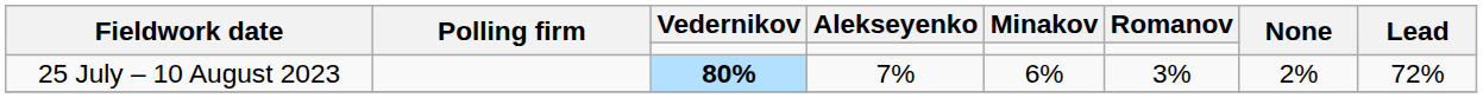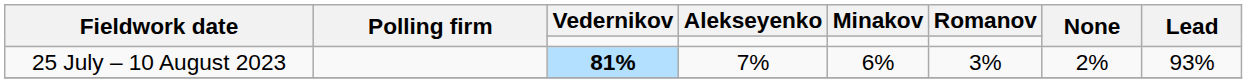 <table class=wikitable style="font-size:95%; line-height:14px; text-align:center">
 <tr>
 <th style=width:200px; rowspan=2>Fieldwork date</th>
 <th style=width:150px; rowspan=2>Polling firm</th>
 <th style="width:60px;">Vedernikov</th>
 <th style="width:60px;">Alekseyenko</th>
 <th style="width:60px;">Minakov</th>
 <th style="width:60px;">Romanov</th>
 <th style="width:60px;" rowspan=2>None</th>
 <th style="width:60px;" rowspan="2">Lead</th>
 </tr>
 <tr>
 <td bgcolor=></td>
 <td bgcolor=></td>
 <td bgcolor=></td>
 <td bgcolor=></td>
 </tr>
 <tr>
 <td>25 July – 10 August 2023</td>
 <td></td>
-<td style="background:#B3E0FF"><strong>80%</strong></td>
+<td style="background:#B3E0FF"><strong>81%</strong></td>
 <td>7%</td>
 <td>6%</td>
 <td>3%</td>
 <td>2%</td>
-<td style="background:">72%</td>
+<td style="background:">93%</td>
 </tr>
 <tr>
 </tr>
 </table>
